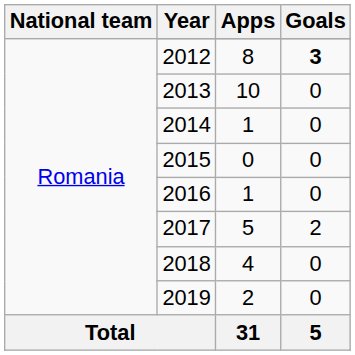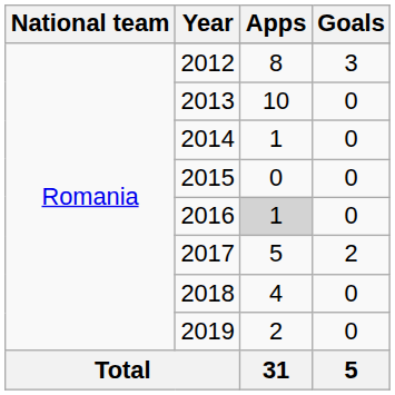 <table class="wikitable" style="text-align: center;">
 <tr>
 <th>National team</th>
 <th>Year</th>
 <th>Apps</th>
 <th>Goals</th>
 </tr>
 <tr>
 <td rowspan="9"><a href='#'>Romania</a></td>
 </tr>
 <tr>
 <td>2012</td>
 <td>8</td>
-<td><strong>3</strong></td>
+<td>3</td>
 </tr>
 <tr>
 <td>2013</td>
 <td>10</td>
 <td>0</td>
 </tr>
 <tr>
 <td>2014</td>
 <td>1</td>
 <td>0</td>
 </tr>
 <tr>
 <td>2015</td>
 <td>0</td>
 <td>0</td>
 </tr>
 <tr>
 <td>2016</td>
-<td>1</td>
+<td style="background: lightgrey;">1</td>
 <td>0</td>
 </tr>
 <tr>
 <td>2017</td>
 <td>5</td>
 <td>2</td>
 </tr>
 <tr>
 <td>2018</td>
 <td>4</td>
 <td>0</td>
 </tr>
 <tr>
 <td>2019</td>
 <td>2</td>
 <td>0</td>
 </tr>
 <tr>
 <th colspan=2>Total</th>
 <th>31</th>
 <th>5</th>
 </tr>
 </table>
